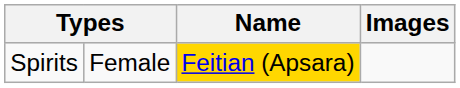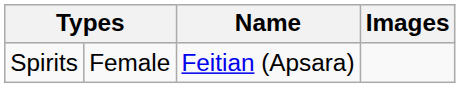 <table class="wikitable sortable mw-collapsible">
 <tr>
 <th colspan="2">Types</th>
 <th>Name</th>
 <th>Images</th>
 </tr>
 <tr>
 <td>Spirits</td>
 <td>Female</td>
-<td style="background: gold;"><a href='#'>Feitian</a> (Apsara)</td>
+<td><a href='#'>Feitian</a> (Apsara)</td>
 <td></td>
 </tr>
 </table>
